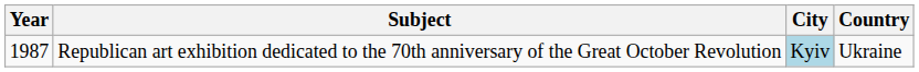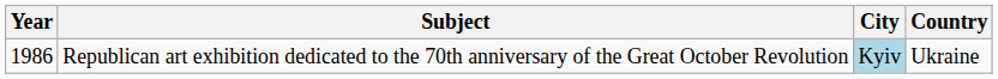 <table class="wikitable">
 <tr>
 <th>Year</th>
 <th>Subject</th>
 <th>City</th>
 <th>Country</th>
 </tr>
 <tr>
-<td>1987</td>
+<td>1986</td>
 <td>Republican art exhibition dedicated to the 70th anniversary of the Great October Revolution</td>
 <td style="background: lightblue;">Kyiv</td>
 <td>Ukraine</td>
 </tr>
 </table>
